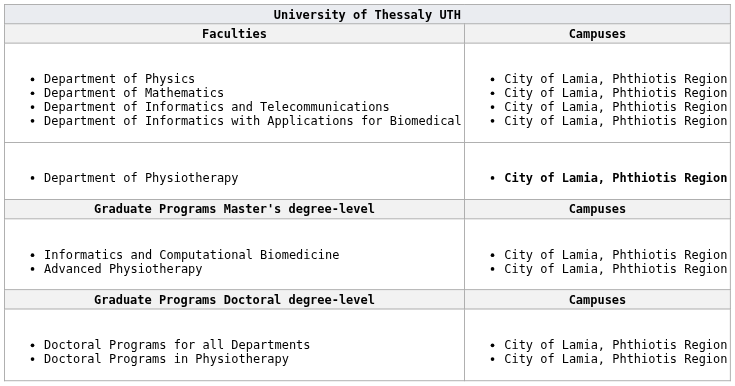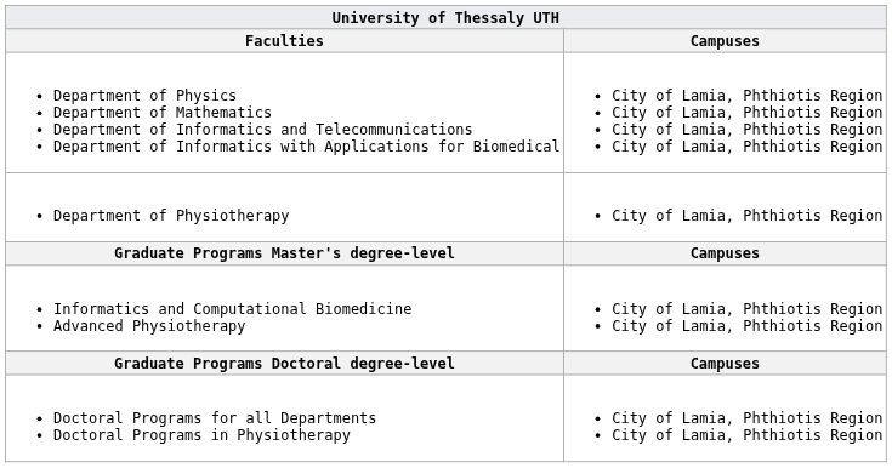 <table class="wikitable"  style="background:transparent;">
 <tr>
 <th colspan="2" style="background:#eaecf0;" align="center">University of Thessaly UTH</th>
 </tr>
 <tr>
 <th>Faculties</th>
 <th>Campuses</th>
 </tr>
 <tr>
 <td><br><ul><li>Department of Physics</li><li>Department of Mathematics</li><li>Department of Informatics and Telecommunications</li><li>Department of Informatics with Applications for Biomedical</li></ul></td>
 <td style="vertical-align: bottom;"><br><ul><li>City of Lamia, Phthiotis Region</li><li>City of Lamia, Phthiotis Region</li><li>City of Lamia, Phthiotis Region</li><li>City of Lamia, Phthiotis Region</li></ul></td>
 </tr>
 <tr>
 <td><br><ul><li>Department of Physiotherapy</li></ul></td>
-<td style="vertical-align: bottom;"><strong><br><ul><li>City of Lamia, Phthiotis Region</li></ul></strong></td>
+<td style="vertical-align: bottom;"><br><ul><li>City of Lamia, Phthiotis Region</li></ul></td>
 </tr>
 <tr>
 <th>Graduate Programs Master's degree-level</th>
 <th class="unsortable">Campuses</th>
 </tr>
 <tr>
 <td><br><ul><li>Informatics and Computational Biomedicine</li><li>Advanced Physiotherapy</li></ul></td>
 <td><br><ul><li>City of Lamia, Phthiotis Region</li><li>City of Lamia, Phthiotis Region</li></ul></td>
 </tr>
 <tr>
 <th>Graduate Programs Doctoral degree-level</th>
 <th class="unsortable">Campuses</th>
 </tr>
 <tr>
 <td><br><ul><li>Doctoral Programs for all Departments</li><li>Doctoral Programs in Physiotherapy</li></ul></td>
 <td><br><ul><li>City of Lamia, Phthiotis Region</li><li>City of Lamia, Phthiotis Region</li></ul></td>
 </tr>
 </table>
